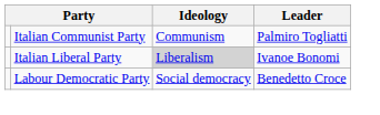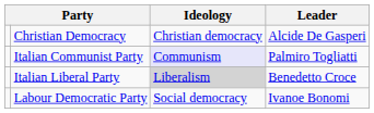 <table class=wikitable style="font-size:100%">
 <tr>
 <th colspan=2>Party</th>
 <th>Ideology</th>
 <th>Leader</th>
 </tr>
 <tr>
 <td style="color:inherit;background:"></td>
+<td><a href='#'>Christian Democracy</a></td>
+<td><a href='#'>Christian democracy</a></td>
+<td><a href='#'>Alcide De Gasperi</a></td>
+</tr>
+<tr>
+<td style="color:inherit;background:"></td>
 <td><a href='#'>Italian Communist Party</a></td>
-<td><a href='#'>Communism</a></td>
+<td style="background: lavender;"><a href='#'>Communism</a></td>
 <td><a href='#'>Palmiro Togliatti</a></td>
 </tr>
 <tr>
 <td style="color:inherit;background:"></td>
 <td><a href='#'>Italian Liberal Party</a></td>
 <td style="background: lightgrey;"><a href='#'>Liberalism</a></td>
-<td><a href='#'>Ivanoe Bonomi</a></td>
+<td><a href='#'>Benedetto Croce</a></td>
 </tr>
 <tr>
 <td style="color:inherit;background:"></td>
 <td><a href='#'>Labour Democratic Party</a></td>
 <td><a href='#'>Social democracy</a></td>
-<td><a href='#'>Benedetto Croce</a></td>
+<td><a href='#'>Ivanoe Bonomi</a></td>
 </tr>
 </table>
